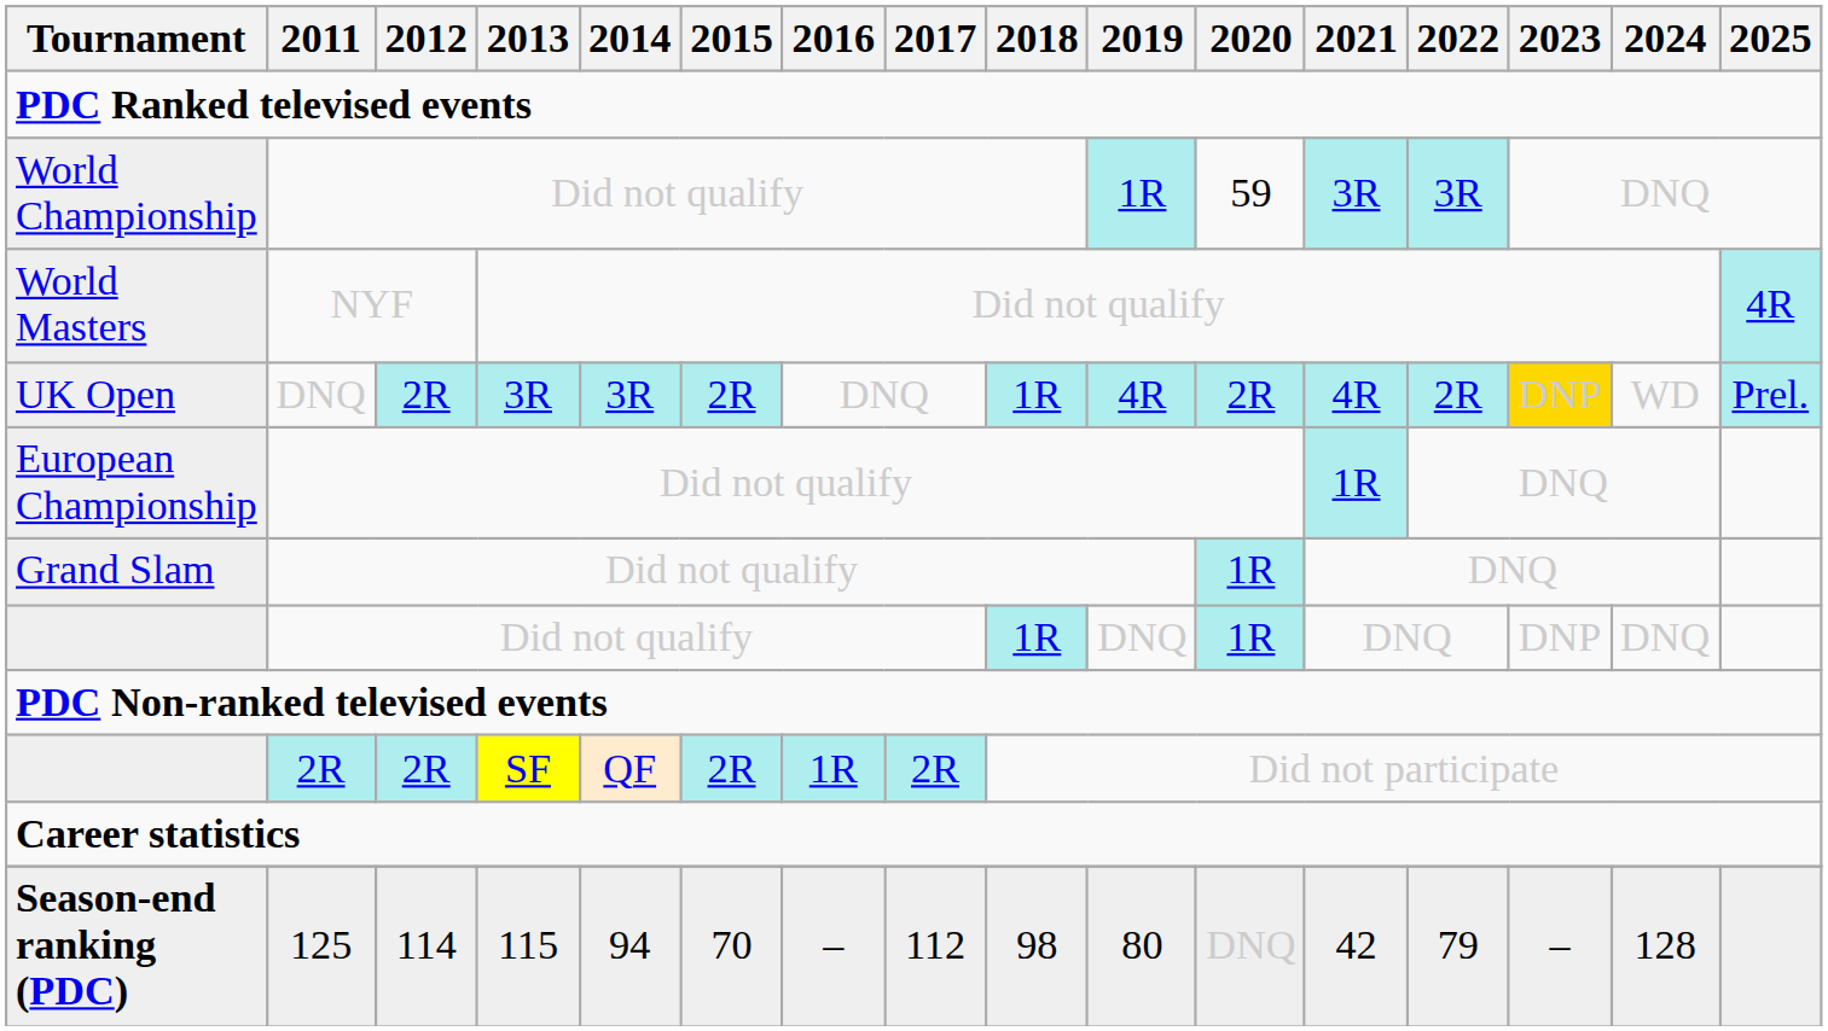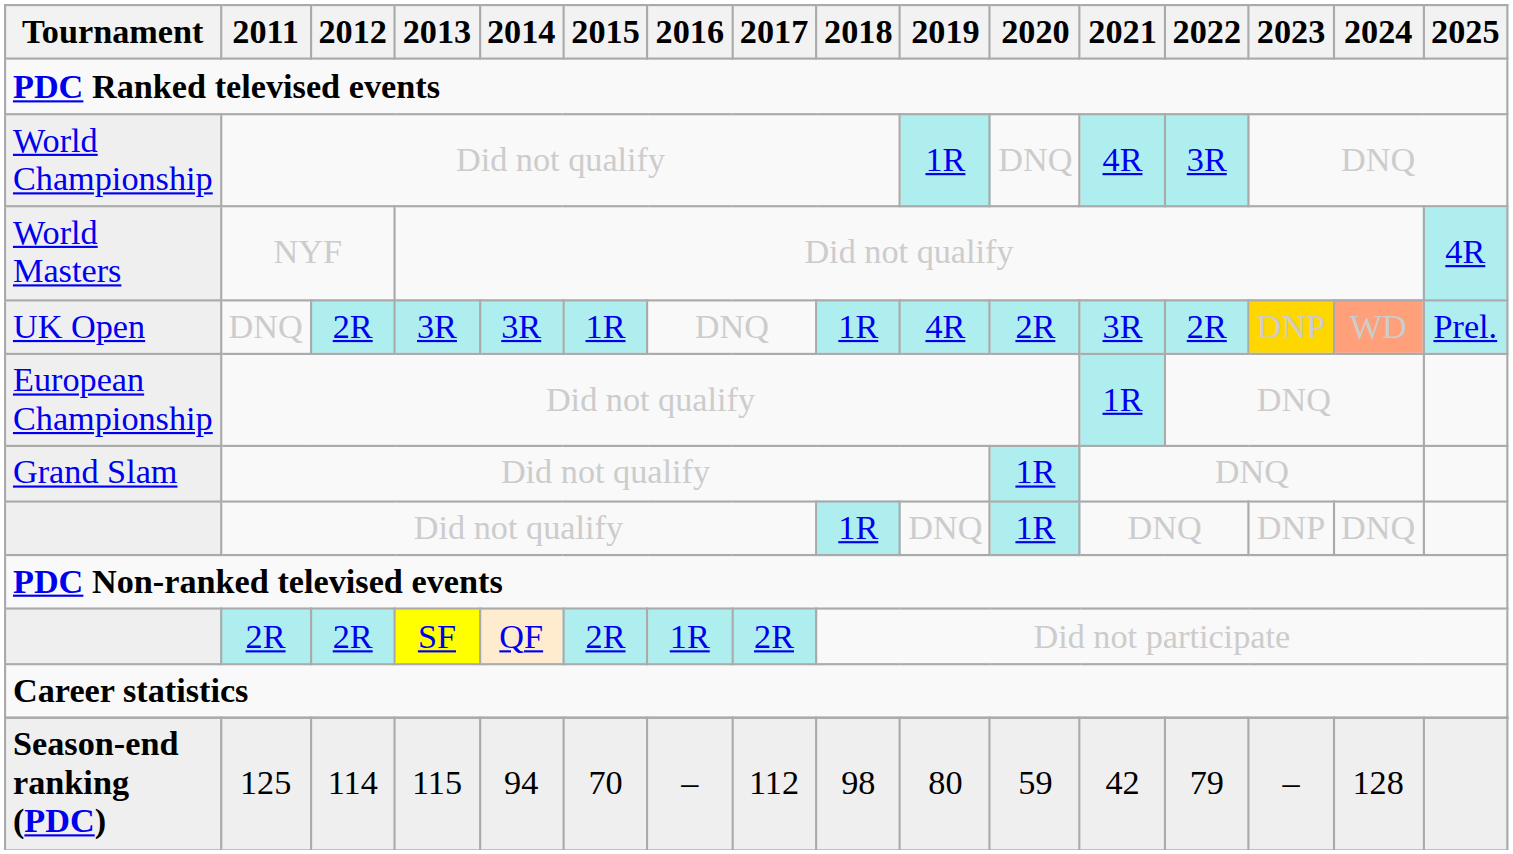 <table class="wikitable" style="width:30%; margin:0">
 <tr>
 <th>Tournament</th>
 <th>2011</th>
 <th>2012</th>
 <th>2013</th>
 <th>2014</th>
 <th>2015</th>
 <th>2016</th>
 <th>2017</th>
 <th>2018</th>
 <th>2019</th>
 <th>2020</th>
 <th>2021</th>
 <th>2022</th>
 <th>2023</th>
 <th>2024</th>
 <th>2025</th>
 </tr>
 <tr>
 <td colspan="18" style="text-align:left"><strong><a href='#'>PDC</a> Ranked televised events</strong></td>
 </tr>
 <tr>
 <td style="background:#efefef;"><a href='#'>World Championship</a></td>
 <td colspan="8" style="text-align:center; color:#ccc;">Did not qualify</td>
 <td style="text-align:center; background:#afeeee;"><a href='#'>1R</a></td>
-<td style="text-align:center;">59</td>
-<td style="text-align:center; background:#afeeee;"><a href='#'>3R</a></td>
+<td style="text-align:center; color:#ccc;">DNQ</td>
+<td style="text-align:center; background:#afeeee;"><a href='#'>4R</a></td>
 <td style="text-align:center; background:#afeeee;"><a href='#'>3R</a></td>
 <td colspan="3" style="text-align:center; color:#ccc;">DNQ</td>
 </tr>
 <tr>
 <td style="background:#efefef;"><a href='#'>World Masters</a></td>
 <td colspan="2" style="text-align:center; color:#ccc;">NYF</td>
 <td colspan="12" style="text-align:center; color:#ccc;">Did not qualify</td>
 <td style="text-align:center; background:#afeeee;"><a href='#'>4R</a></td>
 </tr>
 <tr>
 <td style="background:#efefef;"><a href='#'>UK Open</a></td>
 <td style="text-align:center; color:#ccc;">DNQ</td>
 <td style="text-align:center; background:#afeeee;"><a href='#'>2R</a></td>
 <td style="text-align:center; background:#afeeee;"><a href='#'>3R</a></td>
 <td style="text-align:center; background:#afeeee;"><a href='#'>3R</a></td>
-<td style="text-align:center; background:#afeeee;"><a href='#'>2R</a></td>
+<td style="text-align:center; background:#afeeee;"><a href='#'>1R</a></td>
 <td colspan="2" style="text-align:center; color:#ccc;">DNQ</td>
 <td style="text-align:center; background:#afeeee;"><a href='#'>1R</a></td>
 <td style="text-align:center; background:#afeeee;"><a href='#'>4R</a></td>
 <td style="text-align:center; background:#afeeee;"><a href='#'>2R</a></td>
-<td style="text-align:center; background:#afeeee;"><a href='#'>4R</a></td>
+<td style="text-align:center; background:#afeeee;"><a href='#'>3R</a></td>
 <td style="text-align:center; background:#afeeee;"><a href='#'>2R</a></td>
 <td style="background: gold; text-align:center; color:#ccc;">DNP</td>
-<td style="text-align:center; color:#ccc;">WD</td>
+<td style="background: lightsalmon; text-align:center; color:#ccc;">WD</td>
 <td style="text-align:center; background:#afeeee;"><a href='#'>Prel.</a></td>
 </tr>
 <tr>
 <td style="background:#efefef;"><a href='#'>European Championship</a></td>
 <td colspan="10" style="text-align:center; color:#ccc;">Did not qualify</td>
 <td style="text-align:center; background:#afeeee;"><a href='#'>1R</a></td>
 <td colspan="3" style="text-align:center; color:#ccc;">DNQ</td>
 <td></td>
 </tr>
 <tr>
 <td style="background:#efefef;"><a href='#'>Grand Slam</a></td>
 <td colspan="9" style="text-align:center; color:#ccc;">Did not qualify</td>
 <td style="text-align:center; background:#afeeee;"><a href='#'>1R</a></td>
 <td colspan="4" style="text-align:center; color:#ccc;">DNQ</td>
 <td></td>
 </tr>
 <tr>
 <td style="background:#efefef;"></td>
 <td colspan="7" style="text-align:center; color:#ccc;">Did not qualify</td>
 <td style="text-align:center; background:#afeeee;"><a href='#'>1R</a></td>
 <td style="text-align:center; color:#ccc;">DNQ</td>
 <td style="text-align:center; background:#afeeee;"><a href='#'>1R</a></td>
 <td colspan="2" style="text-align:center; color:#ccc;">DNQ</td>
 <td style="text-align:center; color:#ccc;">DNP</td>
 <td style="text-align:center; color:#ccc;">DNQ</td>
 <td></td>
 </tr>
 <tr>
 <td colspan="18" style="text-align:left"><strong><a href='#'>PDC</a> Non-ranked televised events</strong></td>
 </tr>
 <tr>
 <td style="background:#efefef;"></td>
 <td style="text-align:center; background:#afeeee;"><a href='#'>2R</a></td>
 <td style="text-align:center; background:#afeeee;"><a href='#'>2R</a></td>
 <td style="text-align:center; background:yellow;"><a href='#'>SF</a></td>
 <td style="text-align:center; background:#ffebcd;"><a href='#'>QF</a></td>
 <td style="text-align:center; background:#afeeee;"><a href='#'>2R</a></td>
 <td style="text-align:center; background:#afeeee;"><a href='#'>1R</a></td>
 <td style="text-align:center; background:#afeeee;"><a href='#'>2R</a></td>
 <td colspan="8" style="text-align:center; color:#ccc;">Did not participate</td>
 </tr>
 <tr>
 <td colspan="18" align="left"><strong>Career statistics</strong></td>
 </tr>
 <tr>
 </tr>
 <tr bgcolor="efefef">
 <td align="left"><strong>Season-end ranking (<a href='#'>PDC</a>)</strong></td>
 <td style="text-align:center;">125</td>
 <td style="text-align:center;">114</td>
 <td style="text-align:center;">115</td>
 <td style="text-align:center;">94</td>
 <td style="text-align:center;">70</td>
 <td style="text-align:center;">–</td>
 <td style="text-align:center;">112</td>
 <td style="text-align:center;">98</td>
 <td style="text-align:center;">80</td>
-<td style="text-align:center; color:#ccc;">DNQ</td>
+<td style="text-align:center;">59</td>
 <td style="text-align:center;">42</td>
 <td style="text-align:center;">79</td>
 <td style="text-align:center;">–</td>
 <td style="text-align:center;">128</td>
 <td></td>
 </tr>
 </table>
